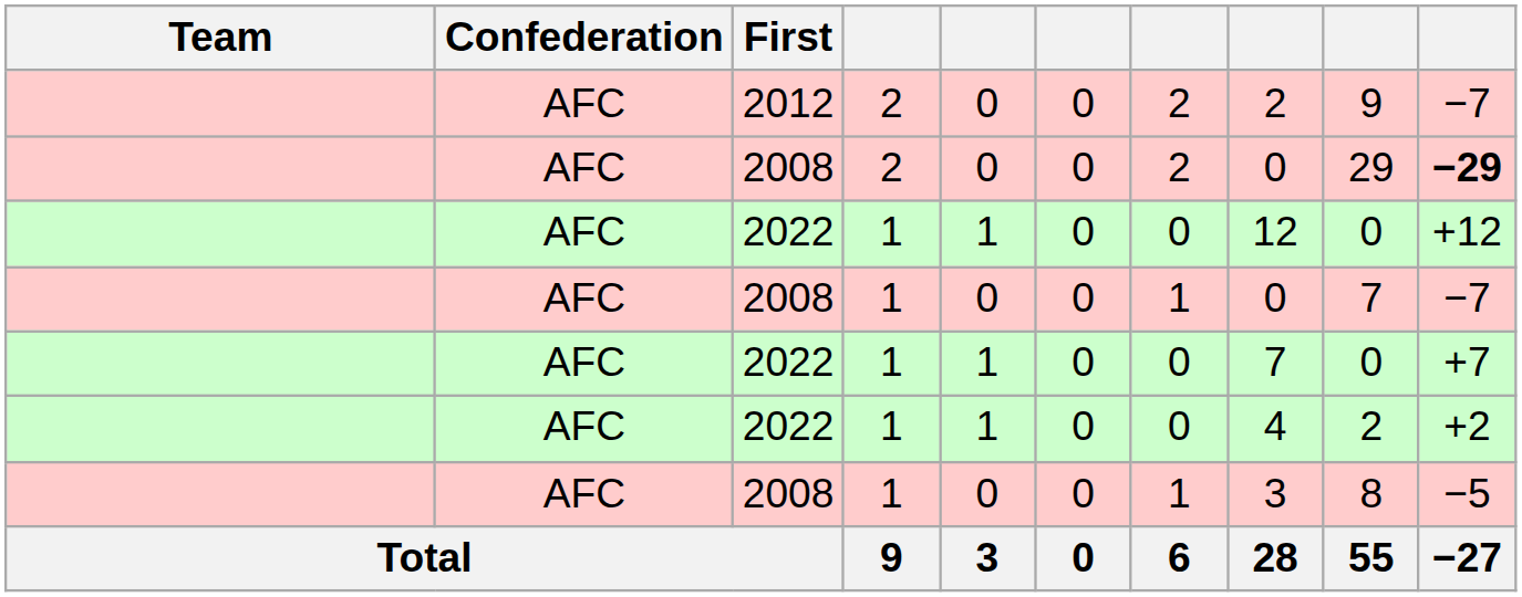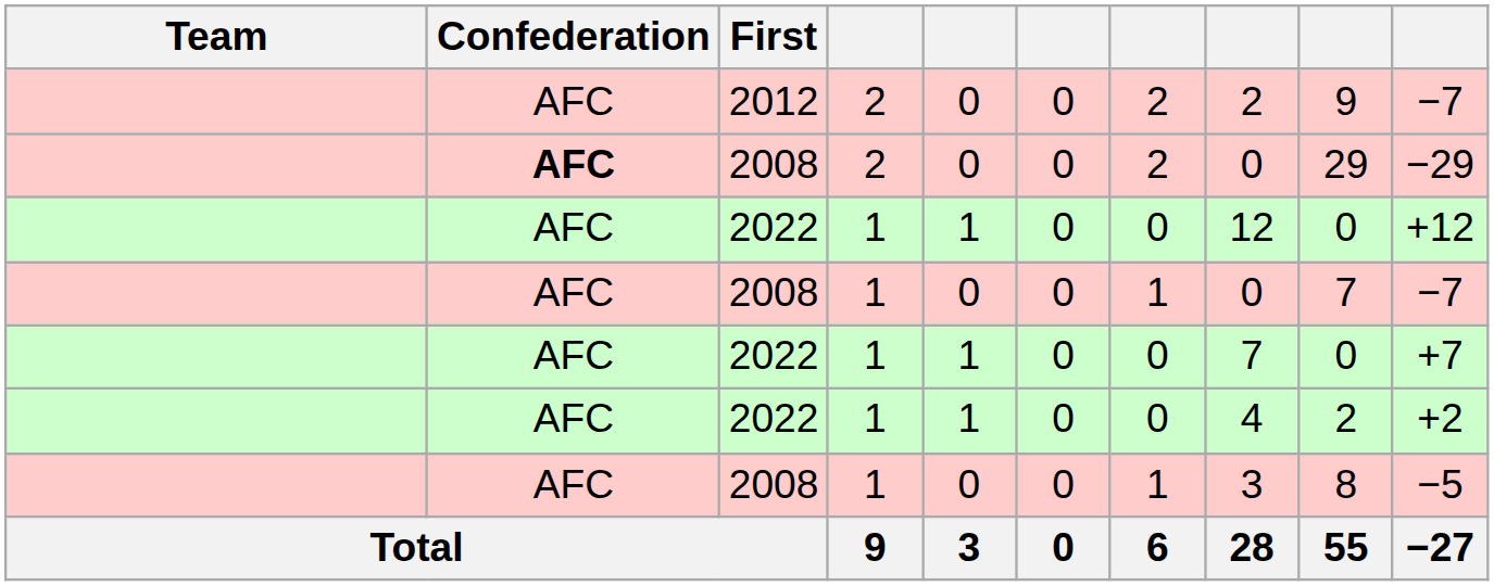 <table class="wikitable sortable collapsible collapsed" style="text-align:center;">
 <tr>
 <th width=160>Team</th>
 <th width=12>Confederation</th>
 <th width=20>First</th>
 <th width=30></th>
 <th width=30></th>
 <th width=30></th>
 <th width=30></th>
 <th width=30></th>
 <th width=30></th>
 <th width=30></th>
 </tr>
 <tr bgcolor=#FFCCCC>
 <td style="text-align:left;"></td>
 <td>AFC</td>
 <td>2012</td>
 <td>2</td>
 <td>0</td>
 <td>0</td>
 <td>2</td>
 <td>2</td>
 <td>9</td>
 <td>−7</td>
 </tr>
 <tr bgcolor=#FFCCCC>
 <td style="text-align:left;"></td>
-<td>AFC</td>
+<td><strong>AFC</strong></td>
 <td>2008</td>
 <td>2</td>
 <td>0</td>
 <td>0</td>
 <td>2</td>
 <td>0</td>
 <td>29</td>
-<td><strong>−29</strong></td>
+<td>−29</td>
 </tr>
 <tr bgcolor=#CCFFCC>
 <td style="text-align:left;"></td>
 <td>AFC</td>
 <td>2022</td>
 <td>1</td>
 <td>1</td>
 <td>0</td>
 <td>0</td>
 <td>12</td>
 <td>0</td>
 <td>+12</td>
 </tr>
 <tr bgcolor=#FFCCCC>
 <td style="text-align:left;"></td>
 <td>AFC</td>
 <td>2008</td>
 <td>1</td>
 <td>0</td>
 <td>0</td>
 <td>1</td>
 <td>0</td>
 <td>7</td>
 <td>−7</td>
 </tr>
 <tr bgcolor=#CCFFCC>
 <td style="text-align:left;"></td>
 <td>AFC</td>
 <td>2022</td>
 <td>1</td>
 <td>1</td>
 <td>0</td>
 <td>0</td>
 <td>7</td>
 <td>0</td>
 <td>+7</td>
 </tr>
 <tr bgcolor=#CCFFCC>
 <td style="text-align:left;"></td>
 <td>AFC</td>
 <td>2022</td>
 <td>1</td>
 <td>1</td>
 <td>0</td>
 <td>0</td>
 <td>4</td>
 <td>2</td>
 <td>+2</td>
 </tr>
 <tr bgcolor=#FFCCCC>
 <td style="text-align:left;"></td>
 <td>AFC</td>
 <td>2008</td>
 <td>1</td>
 <td>0</td>
 <td>0</td>
 <td>1</td>
 <td>3</td>
 <td>8</td>
 <td>−5</td>
 </tr>
 <tr>
 <th colspan="3">Total</th>
 <th>9</th>
 <th>3</th>
 <th>0</th>
 <th>6</th>
 <th>28</th>
 <th>55</th>
 <th>−27</th>
 </tr>
 </table>
